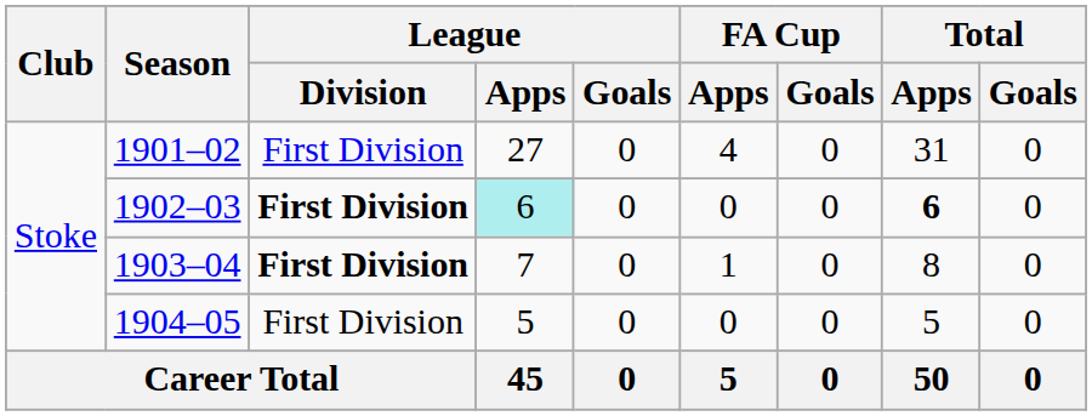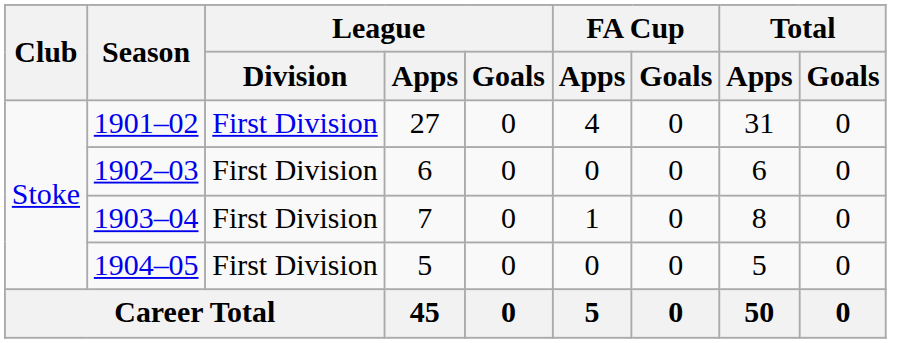 <table class="wikitable" style="text-align: center;">
 <tr>
 <th rowspan="2">Club</th>
 <th rowspan="2">Season</th>
 <th colspan="3">League</th>
 <th colspan="2">FA Cup</th>
 <th colspan="2">Total</th>
 </tr>
 <tr>
 <th>Division</th>
 <th>Apps</th>
 <th>Goals</th>
 <th>Apps</th>
 <th>Goals</th>
 <th>Apps</th>
 <th>Goals</th>
 </tr>
 <tr>
 <td rowspan="4"><a href='#'>Stoke</a></td>
 <td><a href='#'>1901–02</a></td>
 <td><a href='#'>First Division</a></td>
 <td>27</td>
 <td>0</td>
 <td>4</td>
 <td>0</td>
 <td>31</td>
 <td>0</td>
 </tr>
 <tr>
 <td><a href='#'>1902–03</a></td>
-<td><strong>First Division</strong></td>
-<td style="background: paleturquoise;">6</td>
+<td>First Division</td>
+<td>6</td>
 <td>0</td>
 <td>0</td>
 <td>0</td>
-<td><strong>6</strong></td>
+<td>6</td>
 <td>0</td>
 </tr>
 <tr>
 <td><a href='#'>1903–04</a></td>
-<td><strong>First Division</strong></td>
+<td>First Division</td>
 <td>7</td>
 <td>0</td>
 <td>1</td>
 <td>0</td>
 <td>8</td>
 <td>0</td>
 </tr>
 <tr>
 <td><a href='#'>1904–05</a></td>
 <td>First Division</td>
 <td>5</td>
 <td>0</td>
 <td>0</td>
 <td>0</td>
 <td>5</td>
 <td>0</td>
 </tr>
 <tr>
 <th colspan="3">Career Total</th>
 <th>45</th>
 <th>0</th>
 <th>5</th>
 <th>0</th>
 <th>50</th>
 <th>0</th>
 </tr>
 </table>
